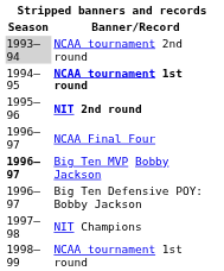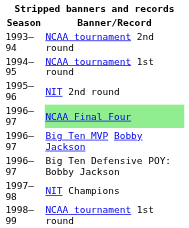 <table class="toccolours" style="float: right; margin-left: 1em;" width="250px" |>
 <tr>
 <th colspan="3" style="text-align:center; "><strong>Stripped banners and records</strong></th>
 </tr>
 <tr>
 <th>Season</th>
 <th>Banner/Record</th>
 </tr>
 <tr>
-<td style="background: lightgrey;">1993–94</td>
+<td>1993–94</td>
 <td><a href='#'>NCAA tournament</a> 2nd round</td>
 </tr>
 <tr>
 <td>1994–95</td>
-<td><strong><a href='#'>NCAA tournament</a> 1st round</strong></td>
+<td><a href='#'>NCAA tournament</a> 1st round</td>
 </tr>
 <tr>
 <td>1995–96</td>
-<td><strong><a href='#'>NIT</a> 2nd round</strong></td>
+<td><a href='#'>NIT</a> 2nd round</td>
 </tr>
 <tr>
 <td>1996–97</td>
-<td><a href='#'>NCAA Final Four</a></td>
+<td style="background: lightgreen;"><a href='#'>NCAA Final Four</a></td>
 </tr>
 <tr>
-<td><strong>1996–97</strong></td>
+<td>1996–97</td>
 <td><a href='#'>Big Ten MVP</a> <a href='#'>Bobby Jackson</a></td>
 </tr>
 <tr>
 <td>1996–97</td>
 <td>Big Ten Defensive POY: Bobby Jackson</td>
 </tr>
 <tr>
 <td>1997–98</td>
 <td><a href='#'>NIT</a> Champions</td>
 </tr>
 <tr>
 <td>1998–99</td>
 <td><a href='#'>NCAA tournament</a> 1st round</td>
 </tr>
 </table>
